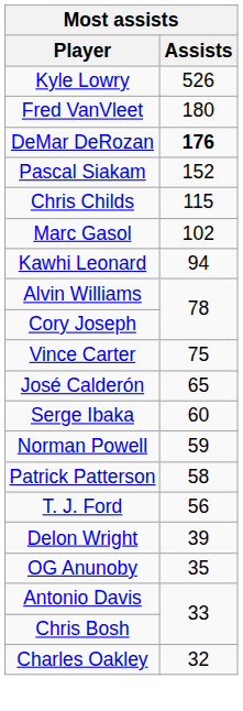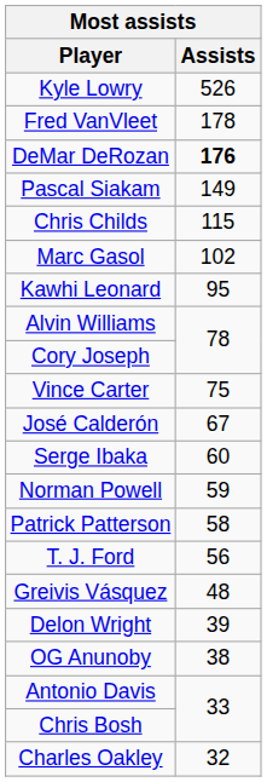 <table class="wikitable sortable" style="text-align:center">
 <tr>
 <th colspan="2">Most assists</th>
 </tr>
 <tr>
 <th>Player</th>
 <th>Assists</th>
 </tr>
 <tr>
 <td><a href='#'>Kyle Lowry</a></td>
 <td>526</td>
 </tr>
 <tr>
 <td><a href='#'>Fred VanVleet</a></td>
-<td>180</td>
+<td>178</td>
 </tr>
 <tr>
 <td><a href='#'>DeMar DeRozan</a></td>
 <td><strong>176</strong></td>
 </tr>
 <tr>
 <td><a href='#'>Pascal Siakam</a></td>
-<td>152</td>
+<td>149</td>
 </tr>
 <tr>
 <td><a href='#'>Chris Childs</a></td>
 <td>115</td>
 </tr>
 <tr>
 <td><a href='#'>Marc Gasol</a></td>
 <td>102</td>
 </tr>
 <tr>
 <td><a href='#'>Kawhi Leonard</a></td>
-<td>94</td>
+<td>95</td>
 </tr>
 <tr>
 <td><a href='#'>Alvin Williams</a></td>
 <td rowspan=2>78</td>
 </tr>
 <tr>
 <td><a href='#'>Cory Joseph</a></td>
 </tr>
 <tr>
 <td><a href='#'>Vince Carter</a></td>
 <td>75</td>
 </tr>
 <tr>
 <td><a href='#'>José Calderón</a></td>
-<td>65</td>
+<td>67</td>
 </tr>
 <tr>
 <td><a href='#'>Serge Ibaka</a></td>
 <td>60</td>
 </tr>
 <tr>
 <td><a href='#'>Norman Powell</a></td>
 <td>59</td>
 </tr>
 <tr>
 <td><a href='#'>Patrick Patterson</a></td>
 <td>58</td>
 </tr>
 <tr>
 <td><a href='#'>T. J. Ford</a></td>
 <td>56</td>
 </tr>
 <tr>
+<td><a href='#'>Greivis Vásquez</a></td>
+<td>48</td>
+</tr>
+<tr>
 <td><a href='#'>Delon Wright</a></td>
 <td>39</td>
 </tr>
 <tr>
 <td><a href='#'>OG Anunoby</a></td>
-<td>35</td>
+<td>38</td>
 </tr>
 <tr>
 <td><a href='#'>Antonio Davis</a></td>
 <td rowspan=2>33</td>
 </tr>
 <tr>
 <td><a href='#'>Chris Bosh</a></td>
 </tr>
 <tr>
 <td><a href='#'>Charles Oakley</a></td>
 <td>32</td>
 </tr>
 </table>
